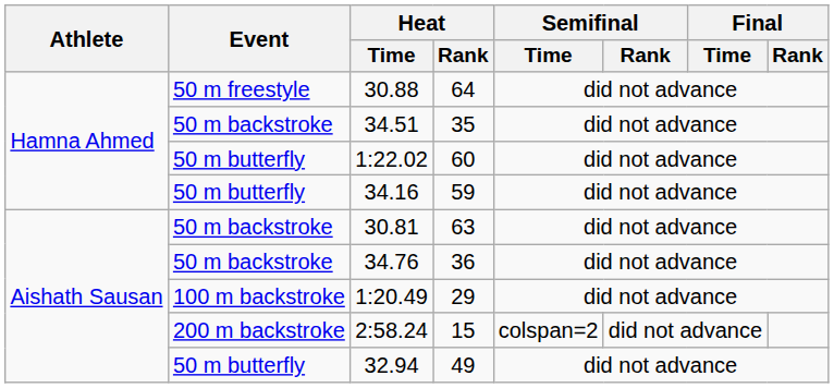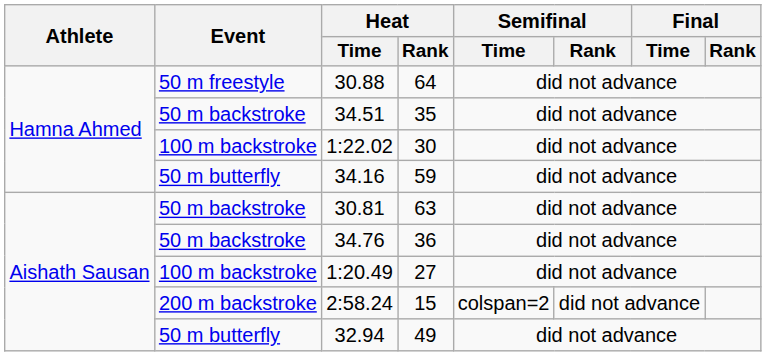 <table class=wikitable style=font-size:90%>
 <tr>
 <th rowspan=2>Athlete</th>
 <th rowspan=2>Event</th>
 <th colspan=2>Heat</th>
 <th colspan=2>Semifinal</th>
 <th colspan=2>Final</th>
 </tr>
 <tr style=font-size:95%>
 <th>Time</th>
 <th>Rank</th>
 <th>Time</th>
 <th>Rank</th>
 <th>Time</th>
 <th>Rank</th>
 </tr>
 <tr align=center>
 <td align=left rowspan=4><a href='#'>Hamna Ahmed</a></td>
 <td align=left rowspan="1"><a href='#'>50 m freestyle</a></td>
 <td>30.88</td>
 <td>64</td>
 <td colspan=4>did not advance</td>
 </tr>
 <tr align=center>
 <td align=left rowspan="1"><a href='#'>50 m backstroke</a></td>
 <td>34.51</td>
 <td>35</td>
 <td colspan=4>did not advance</td>
 </tr>
 <tr align=center>
-<td align=left rowspan="1"><a href='#'>50 m butterfly</a></td>
+<td align=left rowspan="1"><a href='#'>100 m backstroke</a></td>
 <td>1:22.02</td>
-<td>60</td>
+<td>30</td>
 <td colspan=4>did not advance</td>
 </tr>
 <tr align=center>
 <td align=left rowspan="1"><a href='#'>50 m butterfly</a></td>
 <td>34.16</td>
 <td>59</td>
 <td colspan=4>did not advance</td>
 </tr>
 <tr align=center>
 <td align=left rowspan=5><a href='#'>Aishath Sausan</a></td>
 <td align=left rowspan="1"><a href='#'>50 m backstroke</a></td>
 <td>30.81</td>
 <td>63</td>
 <td colspan=4>did not advance</td>
 </tr>
 <tr align=center>
 <td align=left rowspan="1"><a href='#'>50 m backstroke</a></td>
 <td>34.76</td>
 <td>36</td>
 <td colspan=4>did not advance</td>
 </tr>
 <tr align=center>
 <td align=left rowspan="1"><a href='#'>100 m backstroke</a></td>
 <td>1:20.49</td>
-<td>29</td>
+<td>27</td>
 <td colspan=4>did not advance</td>
 </tr>
 <tr align=center>
 <td align=left rowspan="1"><a href='#'>200 m backstroke</a></td>
 <td>2:58.24</td>
 <td>15</td>
 <td>colspan=2 </td>
 <td colspan=2>did not advance</td>
 </tr>
 <tr align=center>
 <td align=left rowspan="1"><a href='#'>50 m butterfly</a></td>
 <td>32.94</td>
 <td>49</td>
 <td colspan=4>did not advance</td>
 </tr>
 </table>
